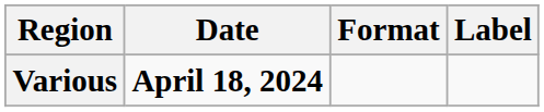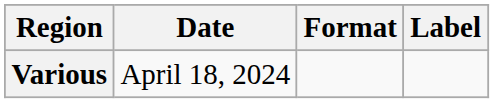 <table class="wikitable plainrowheaders">
 <tr>
 <th scope="col">Region</th>
 <th scope="col">Date</th>
 <th scope="col">Format</th>
 <th scope="col">Label</th>
 </tr>
 <tr>
 <th scope="row">Various</th>
-<td><strong>April 18, 2024</strong></td>
+<td>April 18, 2024</td>
 <td rowspan="2"></td>
 <td></td>
 </tr>
 </table>
